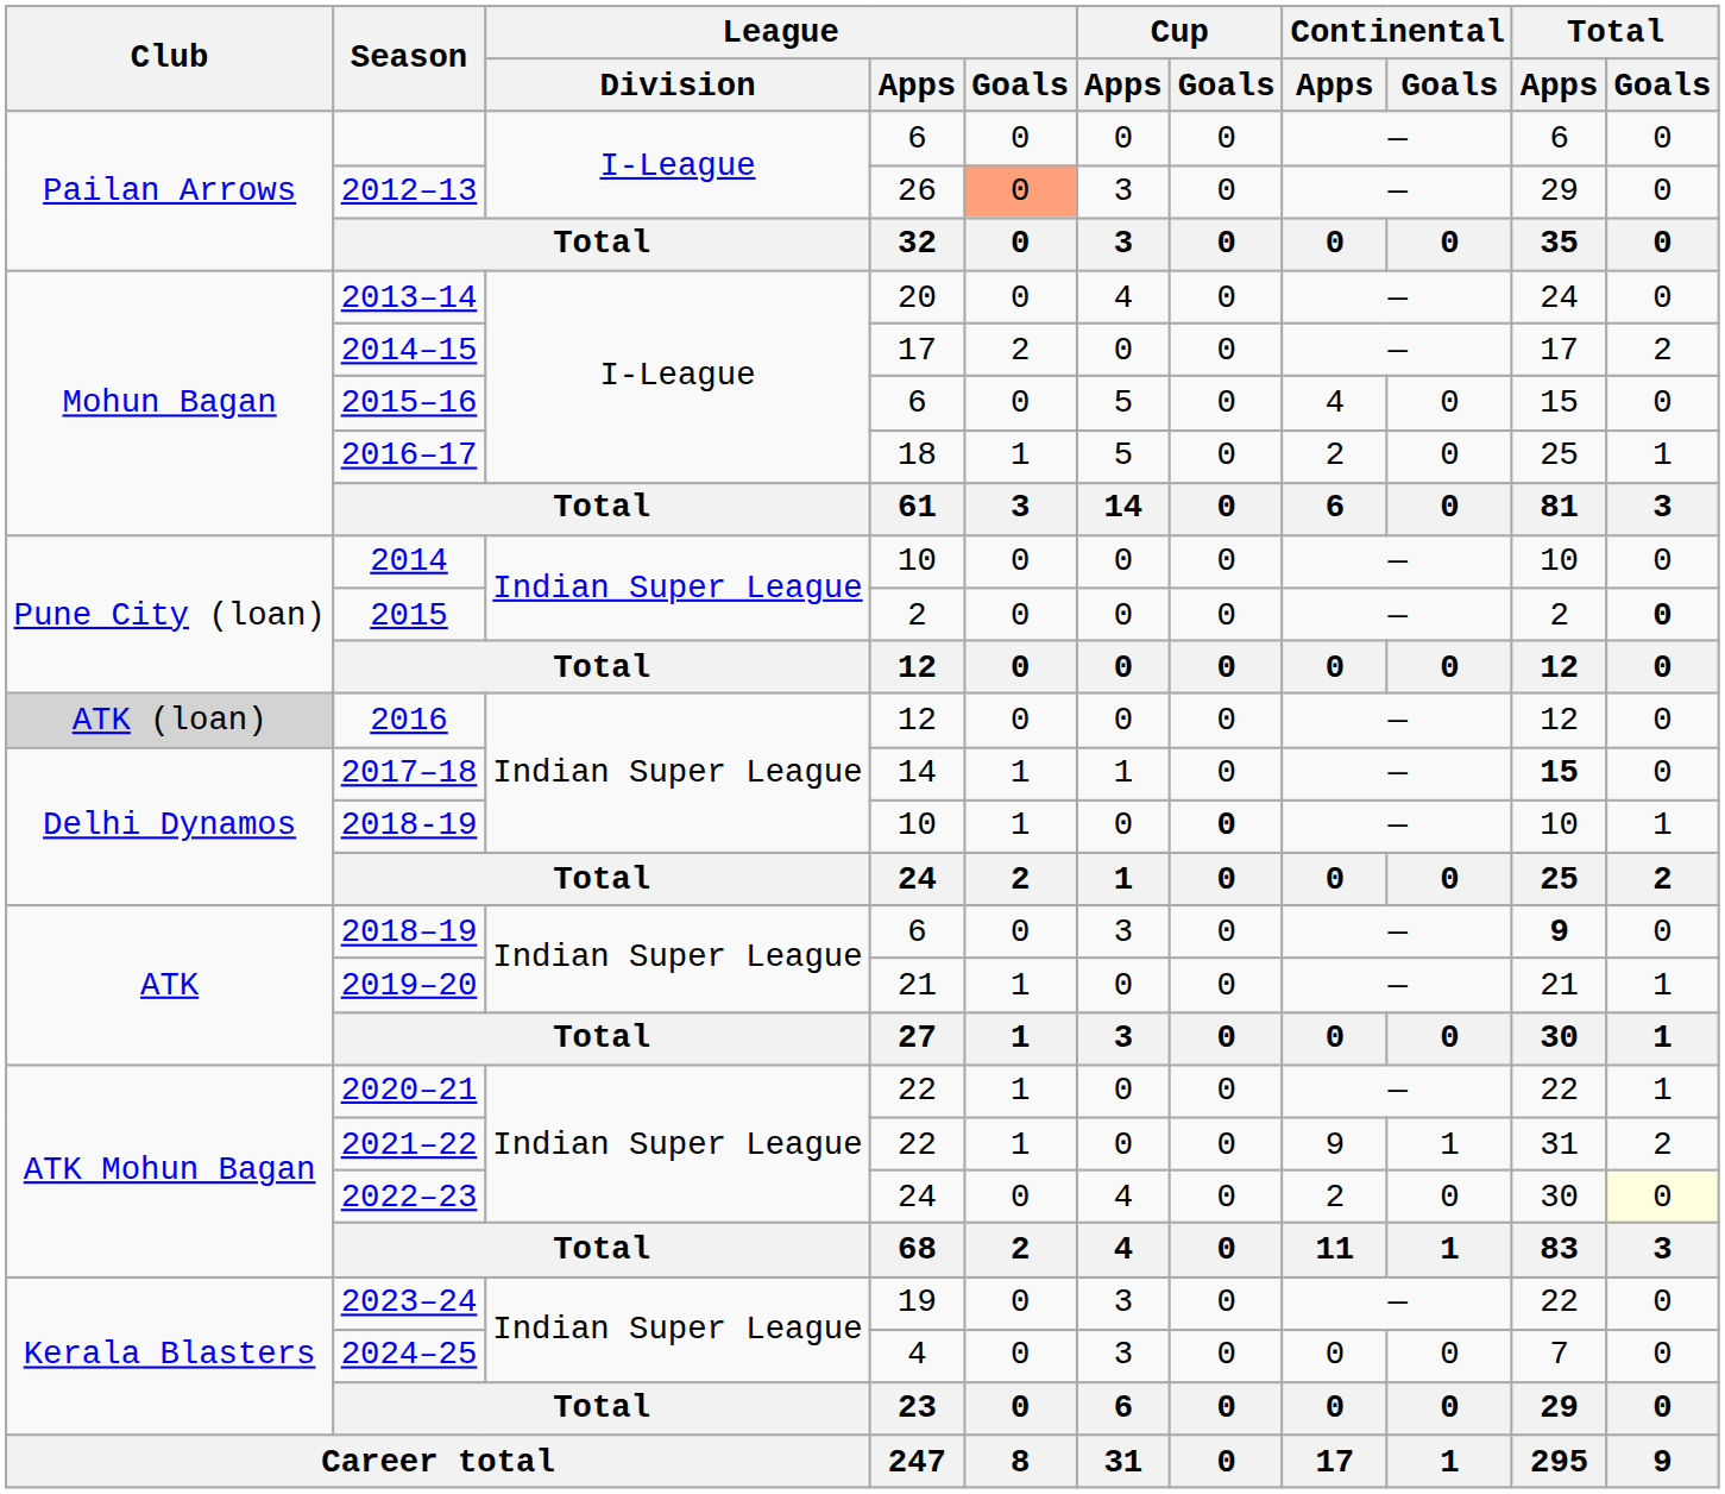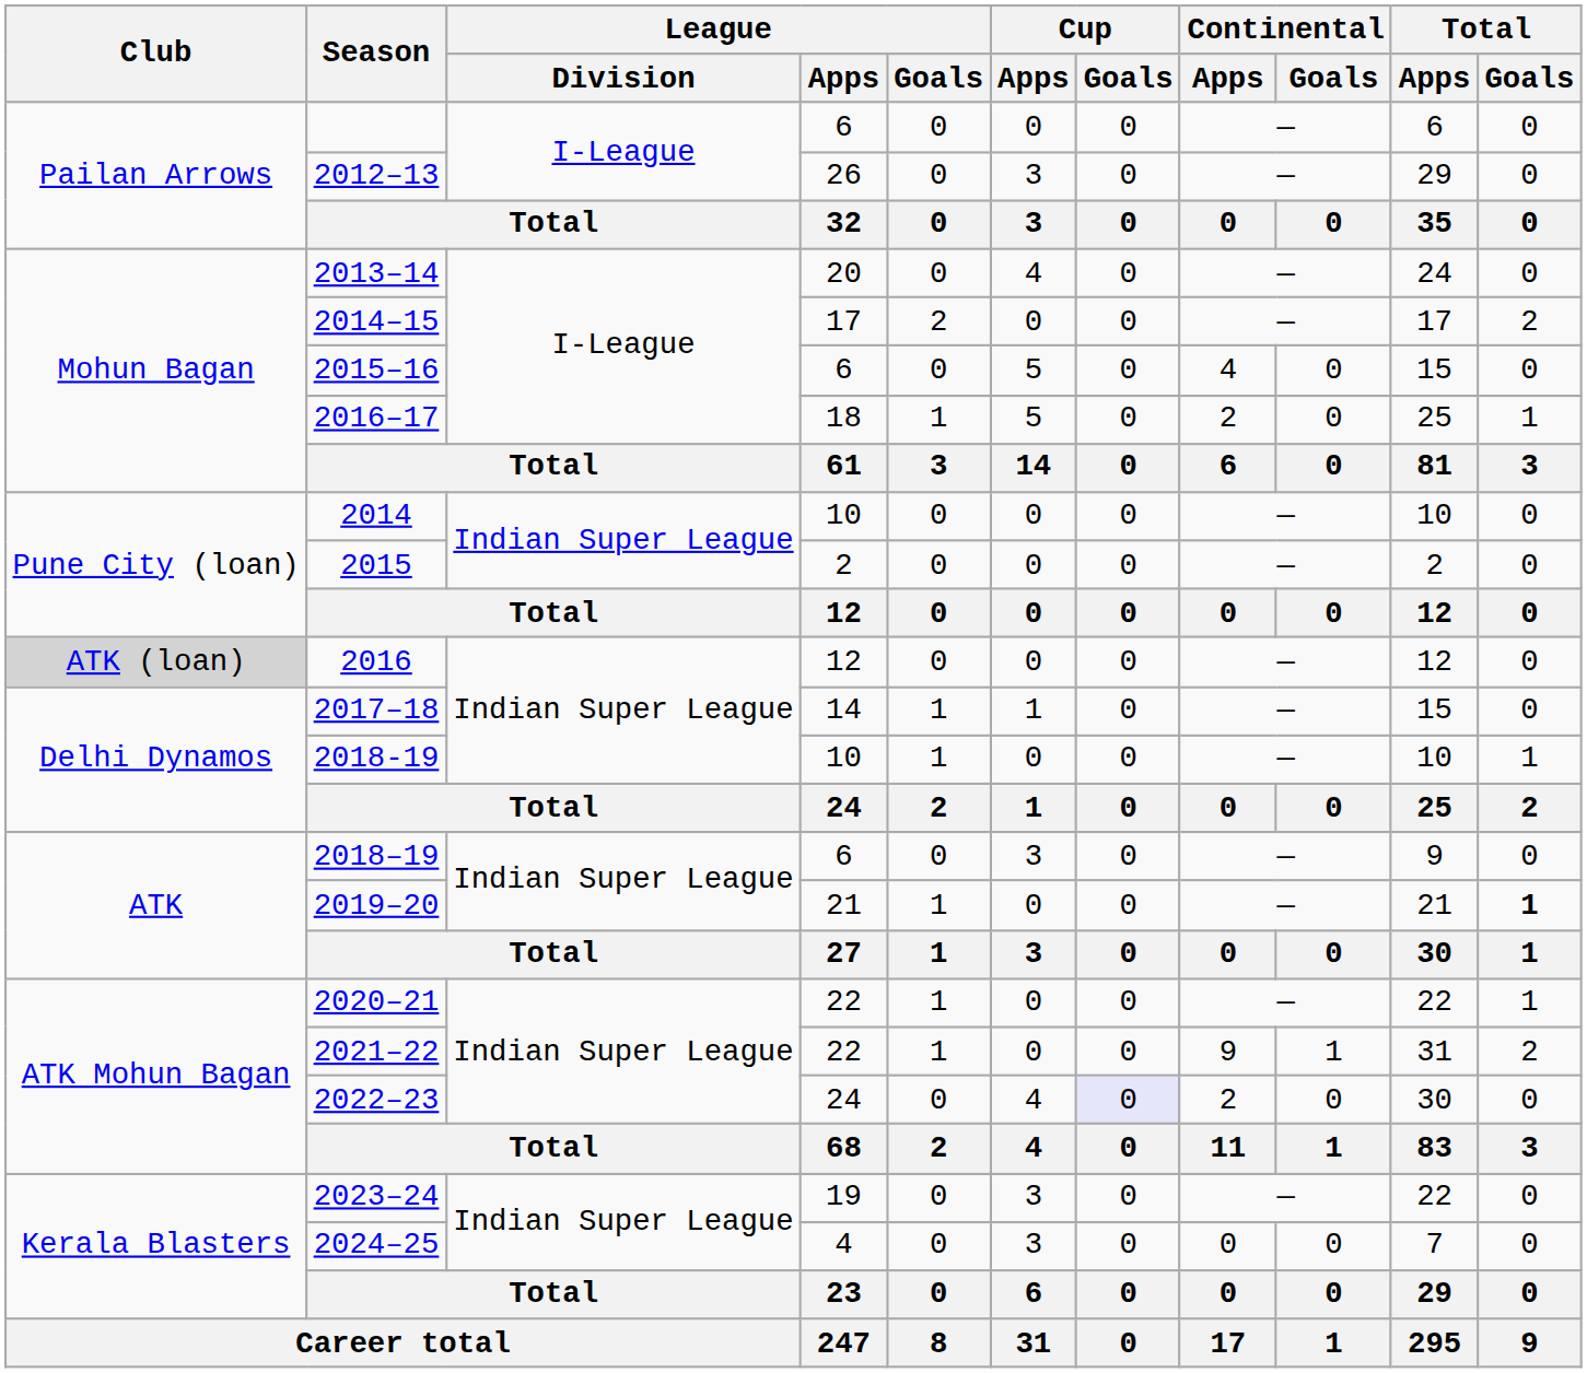 <table class="wikitable" style="font-size; text-align:center;">
 <tr>
 <th rowspan="2">Club</th>
 <th rowspan="2">Season</th>
 <th colspan="3">League</th>
 <th colspan="2">Cup</th>
 <th colspan="2">Continental</th>
 <th colspan="2">Total</th>
 </tr>
 <tr>
 <th>Division</th>
 <th>Apps</th>
 <th>Goals</th>
 <th>Apps</th>
 <th>Goals</th>
 <th>Apps</th>
 <th>Goals</th>
 <th>Apps</th>
 <th>Goals</th>
 </tr>
 <tr>
 <td rowspan="3"><a href='#'>Pailan Arrows</a></td>
 <td></td>
 <td rowspan="2"><a href='#'>I-League</a></td>
 <td>6</td>
 <td>0</td>
 <td>0</td>
 <td>0</td>
 <td colspan="2">—</td>
 <td>6</td>
 <td>0</td>
 </tr>
 <tr>
 <td><a href='#'>2012–13</a></td>
 <td>26</td>
-<td style="background: lightsalmon;">0</td>
+<td>0</td>
 <td>3</td>
 <td>0</td>
 <td colspan="2">—</td>
 <td>29</td>
 <td>0</td>
 </tr>
 <tr>
 <th colspan="2">Total</th>
 <th>32</th>
 <th>0</th>
 <th>3</th>
 <th>0</th>
 <th>0</th>
 <th>0</th>
 <th>35</th>
 <th>0</th>
 </tr>
 <tr>
 <td rowspan="5"><a href='#'>Mohun Bagan</a></td>
 <td><a href='#'>2013–14</a></td>
 <td rowspan="4">I-League</td>
 <td>20</td>
 <td>0</td>
 <td>4</td>
 <td>0</td>
 <td colspan="2">—</td>
 <td>24</td>
 <td>0</td>
 </tr>
 <tr>
 <td><a href='#'>2014–15</a></td>
 <td>17</td>
 <td>2</td>
 <td>0</td>
 <td>0</td>
 <td colspan="2">—</td>
 <td>17</td>
 <td>2</td>
 </tr>
 <tr>
 <td><a href='#'>2015–16</a></td>
 <td>6</td>
 <td>0</td>
 <td>5</td>
 <td>0</td>
 <td>4</td>
 <td>0</td>
 <td>15</td>
 <td>0</td>
 </tr>
 <tr>
 <td><a href='#'>2016–17</a></td>
 <td>18</td>
 <td>1</td>
 <td>5</td>
 <td>0</td>
 <td>2</td>
 <td>0</td>
 <td>25</td>
 <td>1</td>
 </tr>
 <tr>
 <th colspan="2">Total</th>
 <th>61</th>
 <th>3</th>
 <th>14</th>
 <th>0</th>
 <th>6</th>
 <th>0</th>
 <th>81</th>
 <th>3</th>
 </tr>
 <tr>
 <td rowspan="3"><a href='#'>Pune City</a> (loan)</td>
 <td><a href='#'>2014</a></td>
 <td rowspan="2"><a href='#'>Indian Super League</a></td>
 <td>10</td>
 <td>0</td>
 <td>0</td>
 <td>0</td>
 <td colspan="2">—</td>
 <td>10</td>
 <td>0</td>
 </tr>
 <tr>
 <td><a href='#'>2015</a></td>
 <td>2</td>
 <td>0</td>
 <td>0</td>
 <td>0</td>
 <td colspan="2">—</td>
 <td>2</td>
-<td><strong>0</strong></td>
+<td>0</td>
 </tr>
 <tr>
 <th colspan="2">Total</th>
 <th>12</th>
 <th>0</th>
 <th>0</th>
 <th>0</th>
 <th>0</th>
 <th>0</th>
 <th>12</th>
 <th>0</th>
 </tr>
 <tr>
 <td rowspan="1" style="background: lightgrey;"><a href='#'>ATK</a> (loan)</td>
 <td><a href='#'>2016</a></td>
 <td rowspan="3">Indian Super League</td>
 <td>12</td>
 <td>0</td>
 <td>0</td>
 <td>0</td>
 <td colspan="2">—</td>
 <td>12</td>
 <td>0</td>
 </tr>
 <tr>
 <td rowspan="3"><a href='#'>Delhi Dynamos</a></td>
 <td><a href='#'>2017–18</a></td>
 <td>14</td>
 <td>1</td>
 <td>1</td>
 <td>0</td>
 <td colspan="2">—</td>
-<td><strong>15</strong></td>
+<td>15</td>
 <td>0</td>
 </tr>
 <tr>
 <td><a href='#'>2018-19</a></td>
 <td>10</td>
 <td>1</td>
 <td>0</td>
-<td><strong>0</strong></td>
+<td>0</td>
 <td colspan="2">—</td>
 <td>10</td>
 <td>1</td>
 </tr>
 <tr>
 <th colspan="2">Total</th>
 <th>24</th>
 <th>2</th>
 <th>1</th>
 <th>0</th>
 <th>0</th>
 <th>0</th>
 <th>25</th>
 <th>2</th>
 </tr>
 <tr>
 <td rowspan="3"><a href='#'>ATK</a></td>
 <td><a href='#'>2018–19</a></td>
 <td rowspan="2">Indian Super League</td>
 <td>6</td>
 <td>0</td>
 <td>3</td>
 <td>0</td>
 <td colspan="2">—</td>
-<td><strong>9</strong></td>
+<td>9</td>
 <td>0</td>
 </tr>
 <tr>
 <td><a href='#'>2019–20</a></td>
 <td>21</td>
 <td>1</td>
 <td>0</td>
 <td>0</td>
 <td colspan="2">—</td>
 <td>21</td>
-<td>1</td>
+<td><strong>1</strong></td>
 </tr>
 <tr>
 <th colspan="2">Total</th>
 <th>27</th>
 <th>1</th>
 <th>3</th>
 <th>0</th>
 <th>0</th>
 <th>0</th>
 <th>30</th>
 <th>1</th>
 </tr>
 <tr>
 <td rowspan="4"><a href='#'>ATK Mohun Bagan</a></td>
 <td><a href='#'>2020–21</a></td>
 <td rowspan="3">Indian Super League</td>
 <td>22</td>
 <td>1</td>
 <td>0</td>
 <td>0</td>
 <td colspan="2">—</td>
 <td>22</td>
 <td>1</td>
 </tr>
 <tr>
 <td><a href='#'>2021–22</a></td>
 <td>22</td>
 <td>1</td>
 <td>0</td>
 <td>0</td>
 <td>9</td>
 <td>1</td>
 <td>31</td>
 <td>2</td>
 </tr>
 <tr>
 <td><a href='#'>2022–23</a></td>
 <td>24</td>
 <td>0</td>
 <td>4</td>
-<td>0</td>
+<td style="background: lavender;">0</td>
 <td>2</td>
 <td>0</td>
 <td>30</td>
-<td style="background: lightyellow;">0</td>
+<td>0</td>
 </tr>
 <tr>
 <th colspan="2">Total</th>
 <th>68</th>
 <th>2</th>
 <th>4</th>
 <th>0</th>
 <th>11</th>
 <th>1</th>
 <th>83</th>
 <th>3</th>
 </tr>
 <tr>
 <td Rowspan="3"><a href='#'>Kerala Blasters</a></td>
 <td><a href='#'>2023–24</a></td>
 <td Rowspan="2">Indian Super League</td>
 <td>19</td>
 <td>0</td>
 <td>3</td>
 <td>0</td>
 <td colspan="2">—</td>
 <td>22</td>
 <td>0</td>
 </tr>
 <tr>
 <td><a href='#'>2024–25</a></td>
 <td>4</td>
 <td>0</td>
 <td>3</td>
 <td>0</td>
 <td>0</td>
 <td>0</td>
 <td>7</td>
 <td>0</td>
 </tr>
 <tr>
 <th colspan="2">Total</th>
 <th>23</th>
 <th>0</th>
 <th>6</th>
 <th>0</th>
 <th>0</th>
 <th>0</th>
 <th>29</th>
 <th>0</th>
 </tr>
 <tr>
 <th colspan="3">Career total</th>
 <th>247</th>
 <th>8</th>
 <th>31</th>
 <th>0</th>
 <th>17</th>
 <th>1</th>
 <th>295</th>
 <th>9</th>
 </tr>
 </table>
